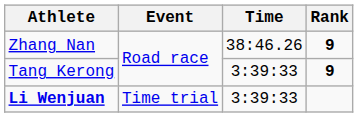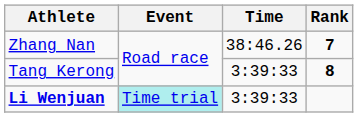 <table class="wikitable"  style="font-size:90%; display:inline-table;">
 <tr>
 <th>Athlete</th>
 <th>Event</th>
 <th>Time</th>
 <th>Rank</th>
 </tr>
 <tr>
 <td><a href='#'>Zhang Nan</a></td>
 <td rowspan=2><a href='#'>Road race</a></td>
 <td align=center>38:46.26</td>
-<td align=center><strong>9</strong></td>
+<td align=center><strong>7</strong></td>
 </tr>
 <tr>
 <td><a href='#'>Tang Kerong</a></td>
 <td align=center>3:39:33</td>
-<td align=center><strong>9</strong></td>
+<td align=center><strong>8</strong></td>
 </tr>
 <tr>
 <td><strong><a href='#'>Li Wenjuan</a></strong></td>
-<td><a href='#'>Time trial</a></td>
+<td style="background: paleturquoise;"><a href='#'>Time trial</a></td>
 <td align=center>3:39:33</td>
 <td align=center></td>
 </tr>
 </table>
